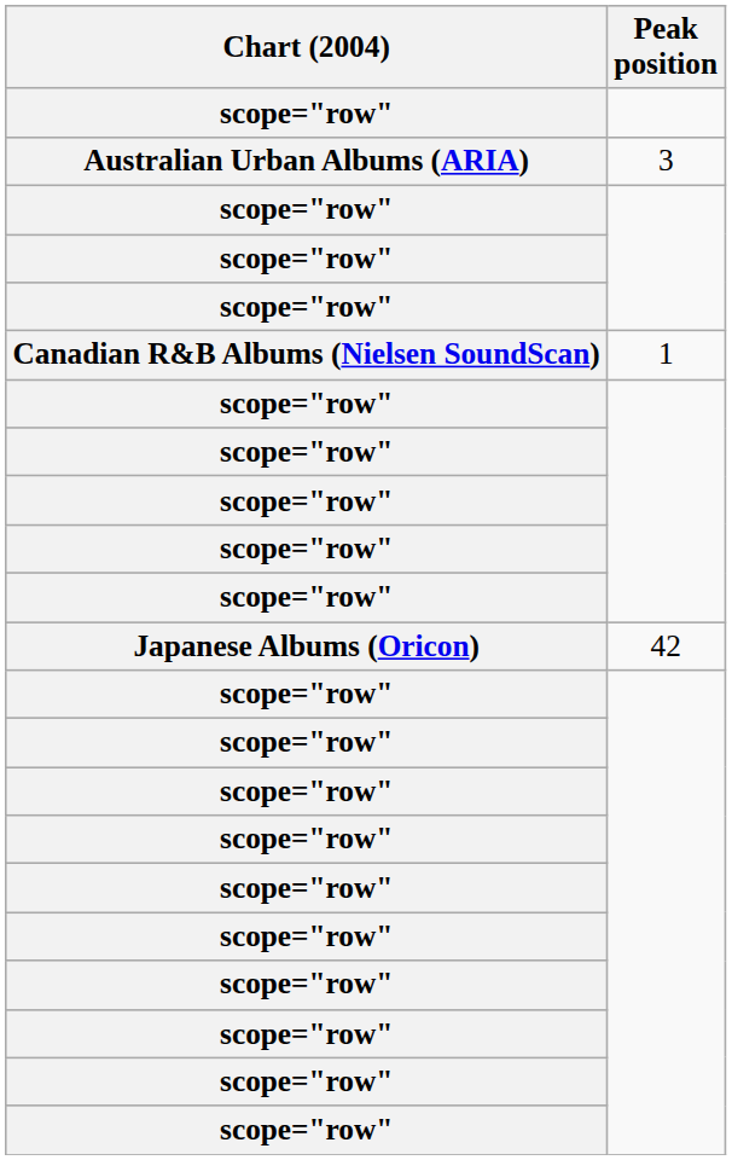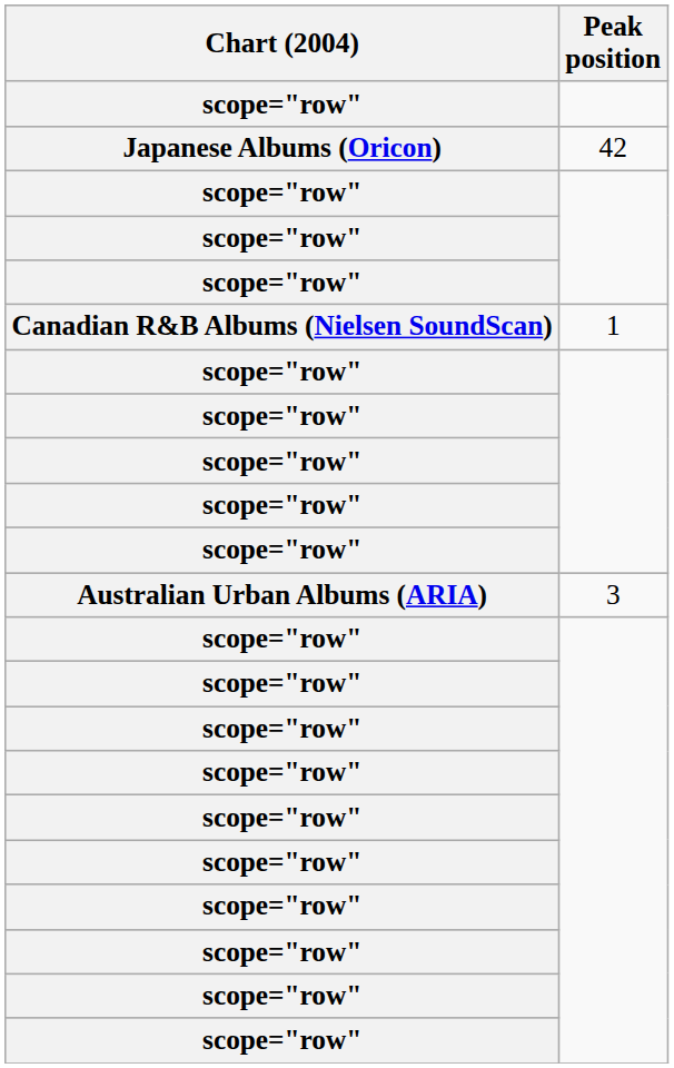 <table class="wikitable sortable plainrowheaders" style="text-align:center">
 <tr>
 <th>Chart (2004)</th>
 <th>Peak<br>position</th>
 </tr>
 <tr>
 <th>scope="row" </th>
 </tr>
 <tr>
-<th scope="row">Australian Urban Albums (<a href='#'>ARIA</a>)</th>
-<td>3</td>
+<th scope="row">Japanese Albums (<a href='#'>Oricon</a>)</th>
+<td>42</td>
 </tr>
 <tr>
 <th>scope="row" </th>
 </tr>
 <tr>
 <th>scope="row" </th>
 </tr>
 <tr>
 <th>scope="row" </th>
 </tr>
 <tr>
 <th scope="row">Canadian R&B Albums (<a href='#'>Nielsen SoundScan</a>)</th>
 <td style="text-align:center;">1</td>
 </tr>
 <tr>
 <th>scope="row" </th>
 </tr>
 <tr>
 <th>scope="row" </th>
 </tr>
 <tr>
 <th>scope="row" </th>
 </tr>
 <tr>
 <th>scope="row" </th>
 </tr>
 <tr>
 <th>scope="row" </th>
 </tr>
 <tr>
-<th scope="row">Japanese Albums (<a href='#'>Oricon</a>)</th>
-<td>42</td>
+<th scope="row">Australian Urban Albums (<a href='#'>ARIA</a>)</th>
+<td>3</td>
 </tr>
 <tr>
 <th>scope="row" </th>
 </tr>
 <tr>
 <th>scope="row" </th>
 </tr>
 <tr>
 <th>scope="row" </th>
 </tr>
 <tr>
 <th>scope="row" </th>
 </tr>
 <tr>
 <th>scope="row" </th>
 </tr>
 <tr>
 <th>scope="row" </th>
 </tr>
 <tr>
 <th>scope="row" </th>
 </tr>
 <tr>
 <th>scope="row" </th>
 </tr>
 <tr>
 <th>scope="row" </th>
 </tr>
 <tr>
 <th>scope="row" </th>
 </tr>
 </table>
